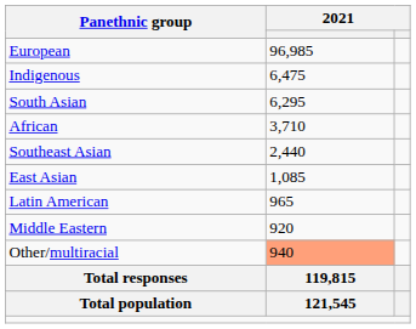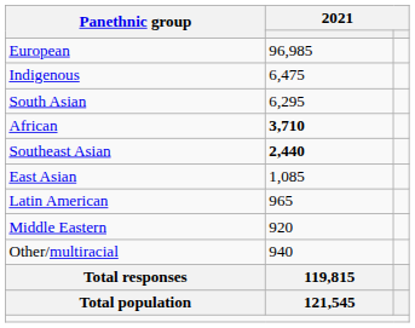 <table class="wikitable collapsible sortable">
 <tr>
 <th rowspan="2"><a href='#'>Panethnic</a> group</th>
 <th colspan="2">2021</th>
 </tr>
 <tr>
 <th><a href='#'></a></th>
 <th></th>
 </tr>
 <tr>
 <td><a href='#'>European</a></td>
 <td>96,985</td>
 <td></td>
 </tr>
 <tr>
 <td><a href='#'>Indigenous</a></td>
 <td>6,475</td>
 <td></td>
 </tr>
 <tr>
 <td><a href='#'>South Asian</a></td>
 <td>6,295</td>
 <td></td>
 </tr>
 <tr>
 <td><a href='#'>African</a></td>
-<td>3,710</td>
+<td><strong>3,710</strong></td>
 <td></td>
 </tr>
 <tr>
 <td><a href='#'>Southeast Asian</a></td>
-<td>2,440</td>
+<td><strong>2,440</strong></td>
 <td></td>
 </tr>
 <tr>
 <td><a href='#'>East Asian</a></td>
 <td>1,085</td>
 <td></td>
 </tr>
 <tr>
 <td><a href='#'>Latin American</a></td>
 <td>965</td>
 <td></td>
 </tr>
 <tr>
 <td><a href='#'>Middle Eastern</a></td>
 <td>920</td>
 <td></td>
 </tr>
 <tr>
 <td>Other/<a href='#'>multiracial</a></td>
-<td style="background: lightsalmon;">940</td>
+<td>940</td>
 <td></td>
 </tr>
 <tr>
 <th>Total responses</th>
 <th>119,815</th>
 <th></th>
 </tr>
 <tr class="sortbottom">
 <th>Total population</th>
 <th>121,545</th>
 <th></th>
 </tr>
 <tr class="sortbottom">
 <td colspan="15" style="width: 25em;"></td>
 </tr>
 </table>
